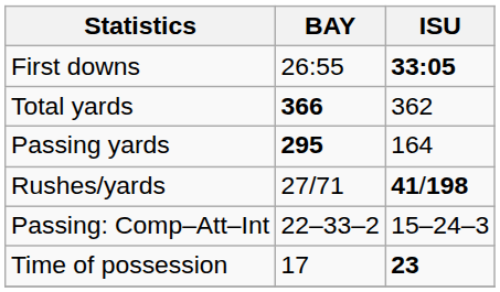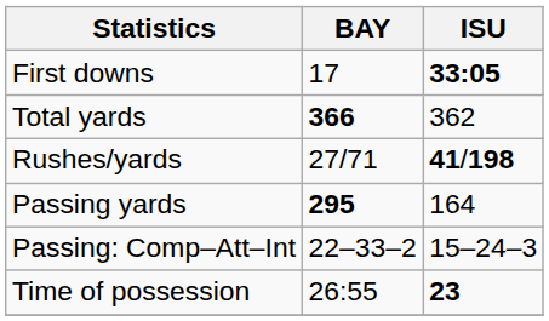 <table class="wikitable" style="float: left;">
 <tr>
 <th>Statistics</th>
 <th>BAY</th>
 <th>ISU</th>
 </tr>
 <tr>
 <td>First downs</td>
-<td>26:55</td>
+<td>17</td>
 <td><strong>33:05</strong></td>
 </tr>
 <tr>
 <td>Total yards</td>
 <td><strong>366</strong></td>
 <td>362</td>
 </tr>
 <tr>
+<td>Rushes/yards</td>
+<td>27/71</td>
+<td><strong>41</strong>/<strong>198</strong></td>
+</tr>
+<tr>
 <td>Passing yards</td>
 <td><strong>295</strong></td>
 <td>164</td>
-</tr>
-<tr>
-<td>Rushes/yards</td>
-<td>27/71</td>
-<td><strong>41</strong>/<strong>198</strong></td>
 </tr>
 <tr>
 <td>Passing: Comp–Att–Int</td>
 <td>22–33–2</td>
 <td>15–24–3</td>
 </tr>
 <tr>
 <td>Time of possession</td>
-<td>17</td>
+<td>26:55</td>
 <td><strong>23</strong></td>
 </tr>
 <tr>
 </tr>
 </table>
